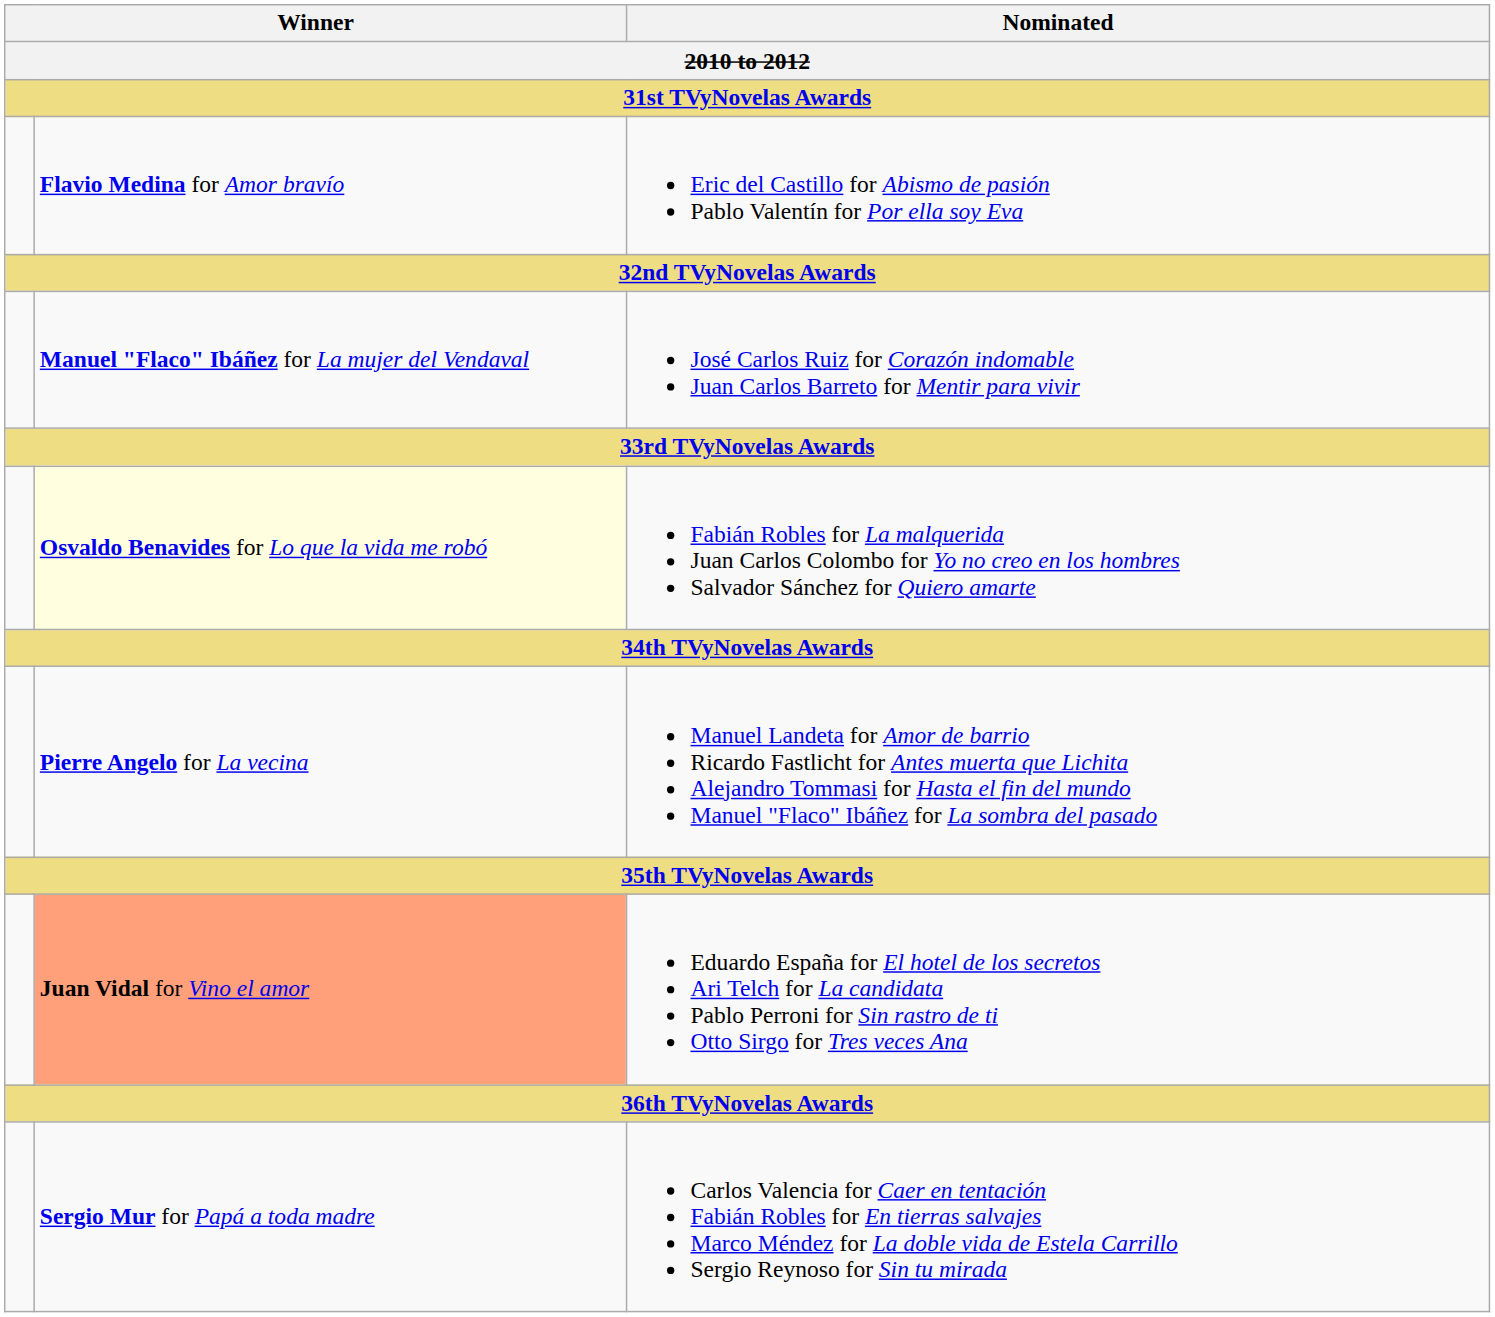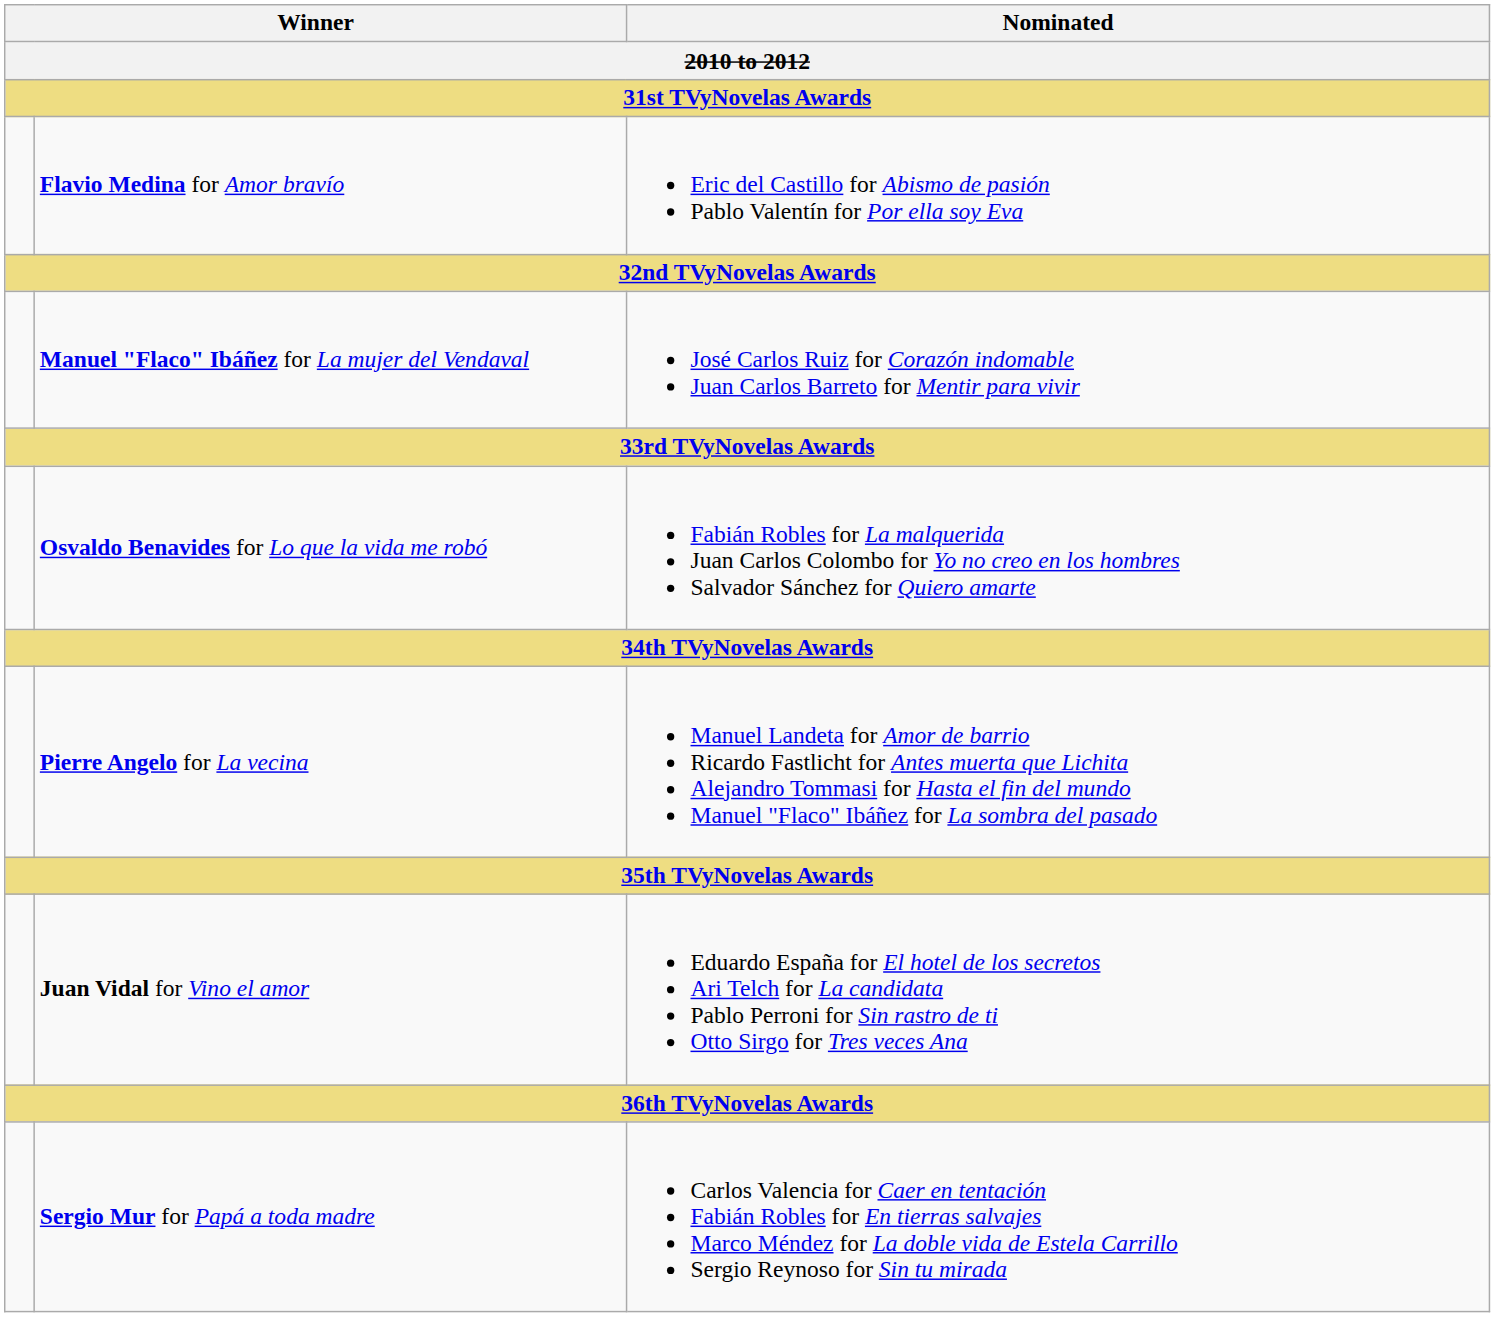 <table class="wikitable" width=80%>
 <tr align=center>
 <th width="150px;" colspan=2; align="center">Winner</th>
 <th width="580px;" align="center">Nominated</th>
 </tr>
 <tr>
 <th colspan=9 align="center"><s>2010 to 2012</s></th>
 </tr>
 <tr>
 <th colspan=9 style="background:#EEDD82;"  align="center"><strong><a href='#'>31st TVyNovelas Awards</a></strong></th>
 </tr>
 <tr>
 <td width=2%></td>
 <td><strong><a href='#'>Flavio Medina</a></strong> for <em><a href='#'>Amor bravío</a></em></td>
 <td><br><ul><li><a href='#'>Eric del Castillo</a> for <em><a href='#'>Abismo de pasión</a></em></li><li>Pablo Valentín for <em><a href='#'>Por ella soy Eva</a></em></li></ul></td>
 </tr>
 <tr>
 <th colspan=9 style="background:#EEDD82;"  align="center"><strong><a href='#'>32nd TVyNovelas Awards</a></strong></th>
 </tr>
 <tr>
 <td width=2%></td>
 <td><strong><a href='#'>Manuel "Flaco" Ibáñez</a></strong> for <em><a href='#'>La mujer del Vendaval</a></em></td>
 <td><br><ul><li><a href='#'>José Carlos Ruiz</a> for <em><a href='#'>Corazón indomable</a></em></li><li><a href='#'>Juan Carlos Barreto</a> for <em><a href='#'>Mentir para vivir</a></em></li></ul></td>
 </tr>
 <tr>
 <th colspan=9 style="background:#EEDD82;"  align="center"><strong><a href='#'>33rd TVyNovelas Awards</a></strong></th>
 </tr>
 <tr>
 <td width=2%></td>
-<td style="background: lightyellow;"><strong><a href='#'>Osvaldo Benavides</a></strong> for <em><a href='#'>Lo que la vida me robó</a></em></td>
+<td><strong><a href='#'>Osvaldo Benavides</a></strong> for <em><a href='#'>Lo que la vida me robó</a></em></td>
 <td><br><ul><li><a href='#'>Fabián Robles</a> for <em><a href='#'>La malquerida</a></em></li><li>Juan Carlos Colombo for <em><a href='#'>Yo no creo en los hombres</a></em></li><li>Salvador Sánchez for <em><a href='#'>Quiero amarte</a></em></li></ul></td>
 </tr>
 <tr>
 <th colspan=9 style="background:#EEDD82;"  align="center"><strong><a href='#'>34th TVyNovelas Awards</a></strong></th>
 </tr>
 <tr>
 <td width=2%></td>
 <td><strong><a href='#'>Pierre Angelo</a></strong> for <em><a href='#'>La vecina</a></em></td>
 <td><br><ul><li><a href='#'>Manuel Landeta</a> for <em><a href='#'>Amor de barrio</a></em></li><li>Ricardo Fastlicht for <em><a href='#'>Antes muerta que Lichita</a></em></li><li><a href='#'>Alejandro Tommasi</a> for <em><a href='#'>Hasta el fin del mundo</a></em></li><li><a href='#'>Manuel "Flaco" Ibáñez</a> for <em><a href='#'>La sombra del pasado</a></em></li></ul></td>
 </tr>
 <tr>
 <th colspan=9 style="background:#EEDD82;"  align="center"><strong><a href='#'>35th TVyNovelas Awards</a></strong></th>
 </tr>
 <tr>
 <td width=2%></td>
-<td style="background: lightsalmon;"><strong>Juan Vidal</strong> for <em><a href='#'>Vino el amor</a></em></td>
+<td><strong>Juan Vidal</strong> for <em><a href='#'>Vino el amor</a></em></td>
 <td><br><ul><li>Eduardo España for <em><a href='#'>El hotel de los secretos</a></em></li><li><a href='#'>Ari Telch</a> for <em><a href='#'>La candidata</a></em></li><li>Pablo Perroni for <em><a href='#'>Sin rastro de ti</a></em></li><li><a href='#'>Otto Sirgo</a> for <em><a href='#'>Tres veces Ana</a></em></li></ul></td>
 </tr>
 <tr>
 <th colspan=9 style="background:#EEDD82;"  align="center"><strong><a href='#'>36th TVyNovelas Awards</a></strong></th>
 </tr>
 <tr>
 <td width=2%></td>
 <td><strong><a href='#'>Sergio Mur</a></strong> for <em><a href='#'>Papá a toda madre</a></em></td>
 <td><br><ul><li>Carlos Valencia for <em><a href='#'>Caer en tentación</a></em></li><li><a href='#'>Fabián Robles</a> for <em><a href='#'>En tierras salvajes</a></em></li><li><a href='#'>Marco Méndez</a> for <em><a href='#'>La doble vida de Estela Carrillo</a></em></li><li>Sergio Reynoso for <em><a href='#'>Sin tu mirada</a></em></li></ul></td>
 </tr>
 </table>
